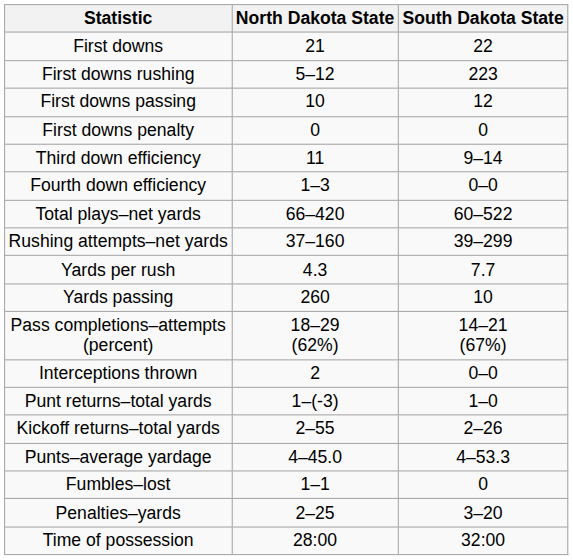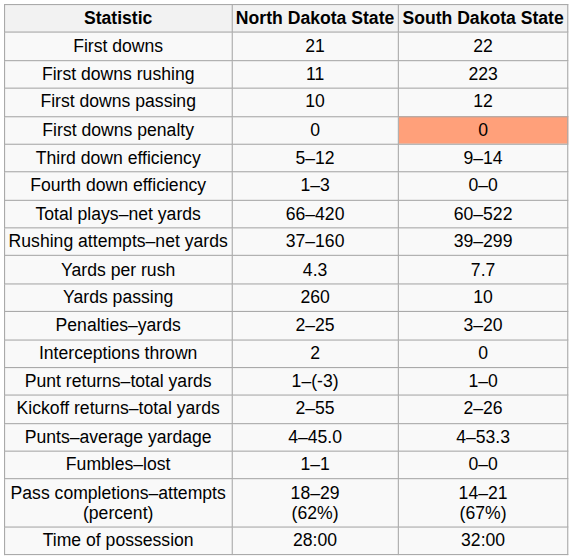 <table class="wikitable" style="text-align:center;">
 <tr>
 <th>Statistic</th>
 <th><strong>North Dakota State</strong></th>
 <th><strong>South Dakota State</strong></th>
 </tr>
 <tr>
 <td>First downs</td>
 <td>21</td>
 <td>22</td>
 </tr>
 <tr>
 <td>First downs rushing</td>
-<td>5–12</td>
+<td>11</td>
 <td>223</td>
 </tr>
 <tr>
 <td>First downs passing</td>
 <td>10</td>
 <td>12</td>
 </tr>
 <tr>
 <td>First downs penalty</td>
 <td>0</td>
-<td>0</td>
+<td style="background: lightsalmon;">0</td>
 </tr>
 <tr>
 <td>Third down efficiency</td>
-<td>11</td>
+<td>5–12</td>
 <td>9–14</td>
 </tr>
 <tr>
 <td>Fourth down efficiency</td>
 <td>1–3</td>
 <td>0–0</td>
 </tr>
 <tr>
 <td>Total plays–net yards</td>
 <td>66–420</td>
 <td>60–522</td>
 </tr>
 <tr>
 <td>Rushing attempts–net yards</td>
 <td>37–160</td>
 <td>39–299</td>
 </tr>
 <tr>
 <td>Yards per rush</td>
 <td>4.3</td>
 <td>7.7</td>
 </tr>
 <tr>
 <td>Yards passing</td>
 <td>260</td>
 <td>10</td>
 </tr>
 <tr>
-<td>Pass completions–attempts<br>(percent)</td>
-<td>18–29<br>(62%)</td>
-<td>14–21<br>(67%)</td>
+<td>Penalties–yards</td>
+<td>2–25</td>
+<td>3–20</td>
 </tr>
 <tr>
 <td>Interceptions thrown</td>
 <td>2</td>
-<td>0–0</td>
+<td>0</td>
 </tr>
 <tr>
 <td>Punt returns–total yards</td>
 <td>1–(-3)</td>
 <td>1–0</td>
 </tr>
 <tr>
 <td>Kickoff returns–total yards</td>
 <td>2–55</td>
 <td>2–26</td>
 </tr>
 <tr>
 <td>Punts–average yardage</td>
 <td>4–45.0</td>
 <td>4–53.3</td>
 </tr>
 <tr>
 <td>Fumbles–lost</td>
 <td>1–1</td>
-<td>0</td>
+<td>0–0</td>
 </tr>
 <tr>
-<td>Penalties–yards</td>
-<td>2–25</td>
-<td>3–20</td>
+<td>Pass completions–attempts<br>(percent)</td>
+<td>18–29<br>(62%)</td>
+<td>14–21<br>(67%)</td>
 </tr>
 <tr>
 <td>Time of possession</td>
 <td>28:00</td>
 <td>32:00</td>
 </tr>
 </table>
